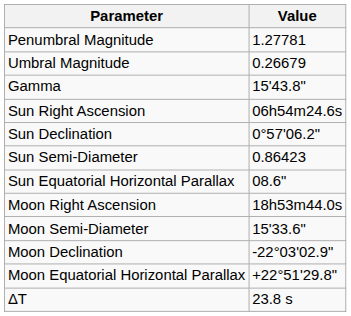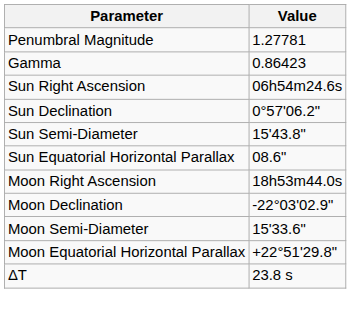 <table class="wikitable">
 <tr>
 <th>Parameter</th>
 <th>Value</th>
 </tr>
 <tr>
 <td>Penumbral Magnitude</td>
 <td>1.27781</td>
 </tr>
 <tr>
-<td>Umbral Magnitude</td>
-<td>0.26679</td>
-</tr>
-<tr>
 <td>Gamma</td>
-<td>15'43.8"</td>
+<td>0.86423</td>
 </tr>
 <tr>
 <td>Sun Right Ascension</td>
 <td>06h54m24.6s</td>
 </tr>
 <tr>
 <td>Sun Declination</td>
 <td>0°57'06.2"</td>
 </tr>
 <tr>
 <td>Sun Semi-Diameter</td>
-<td>0.86423</td>
+<td>15'43.8"</td>
 </tr>
 <tr>
 <td>Sun Equatorial Horizontal Parallax</td>
 <td>08.6"</td>
 </tr>
 <tr>
 <td>Moon Right Ascension</td>
 <td>18h53m44.0s</td>
 </tr>
 <tr>
+<td>Moon Declination</td>
+<td>-22°03'02.9"</td>
+</tr>
+<tr>
 <td>Moon Semi-Diameter</td>
 <td>15'33.6"</td>
-</tr>
-<tr>
-<td>Moon Declination</td>
-<td>-22°03'02.9"</td>
 </tr>
 <tr>
 <td>Moon Equatorial Horizontal Parallax</td>
 <td>+22°51'29.8"</td>
 </tr>
 <tr>
 <td>ΔT</td>
 <td>23.8 s</td>
 </tr>
 </table>
